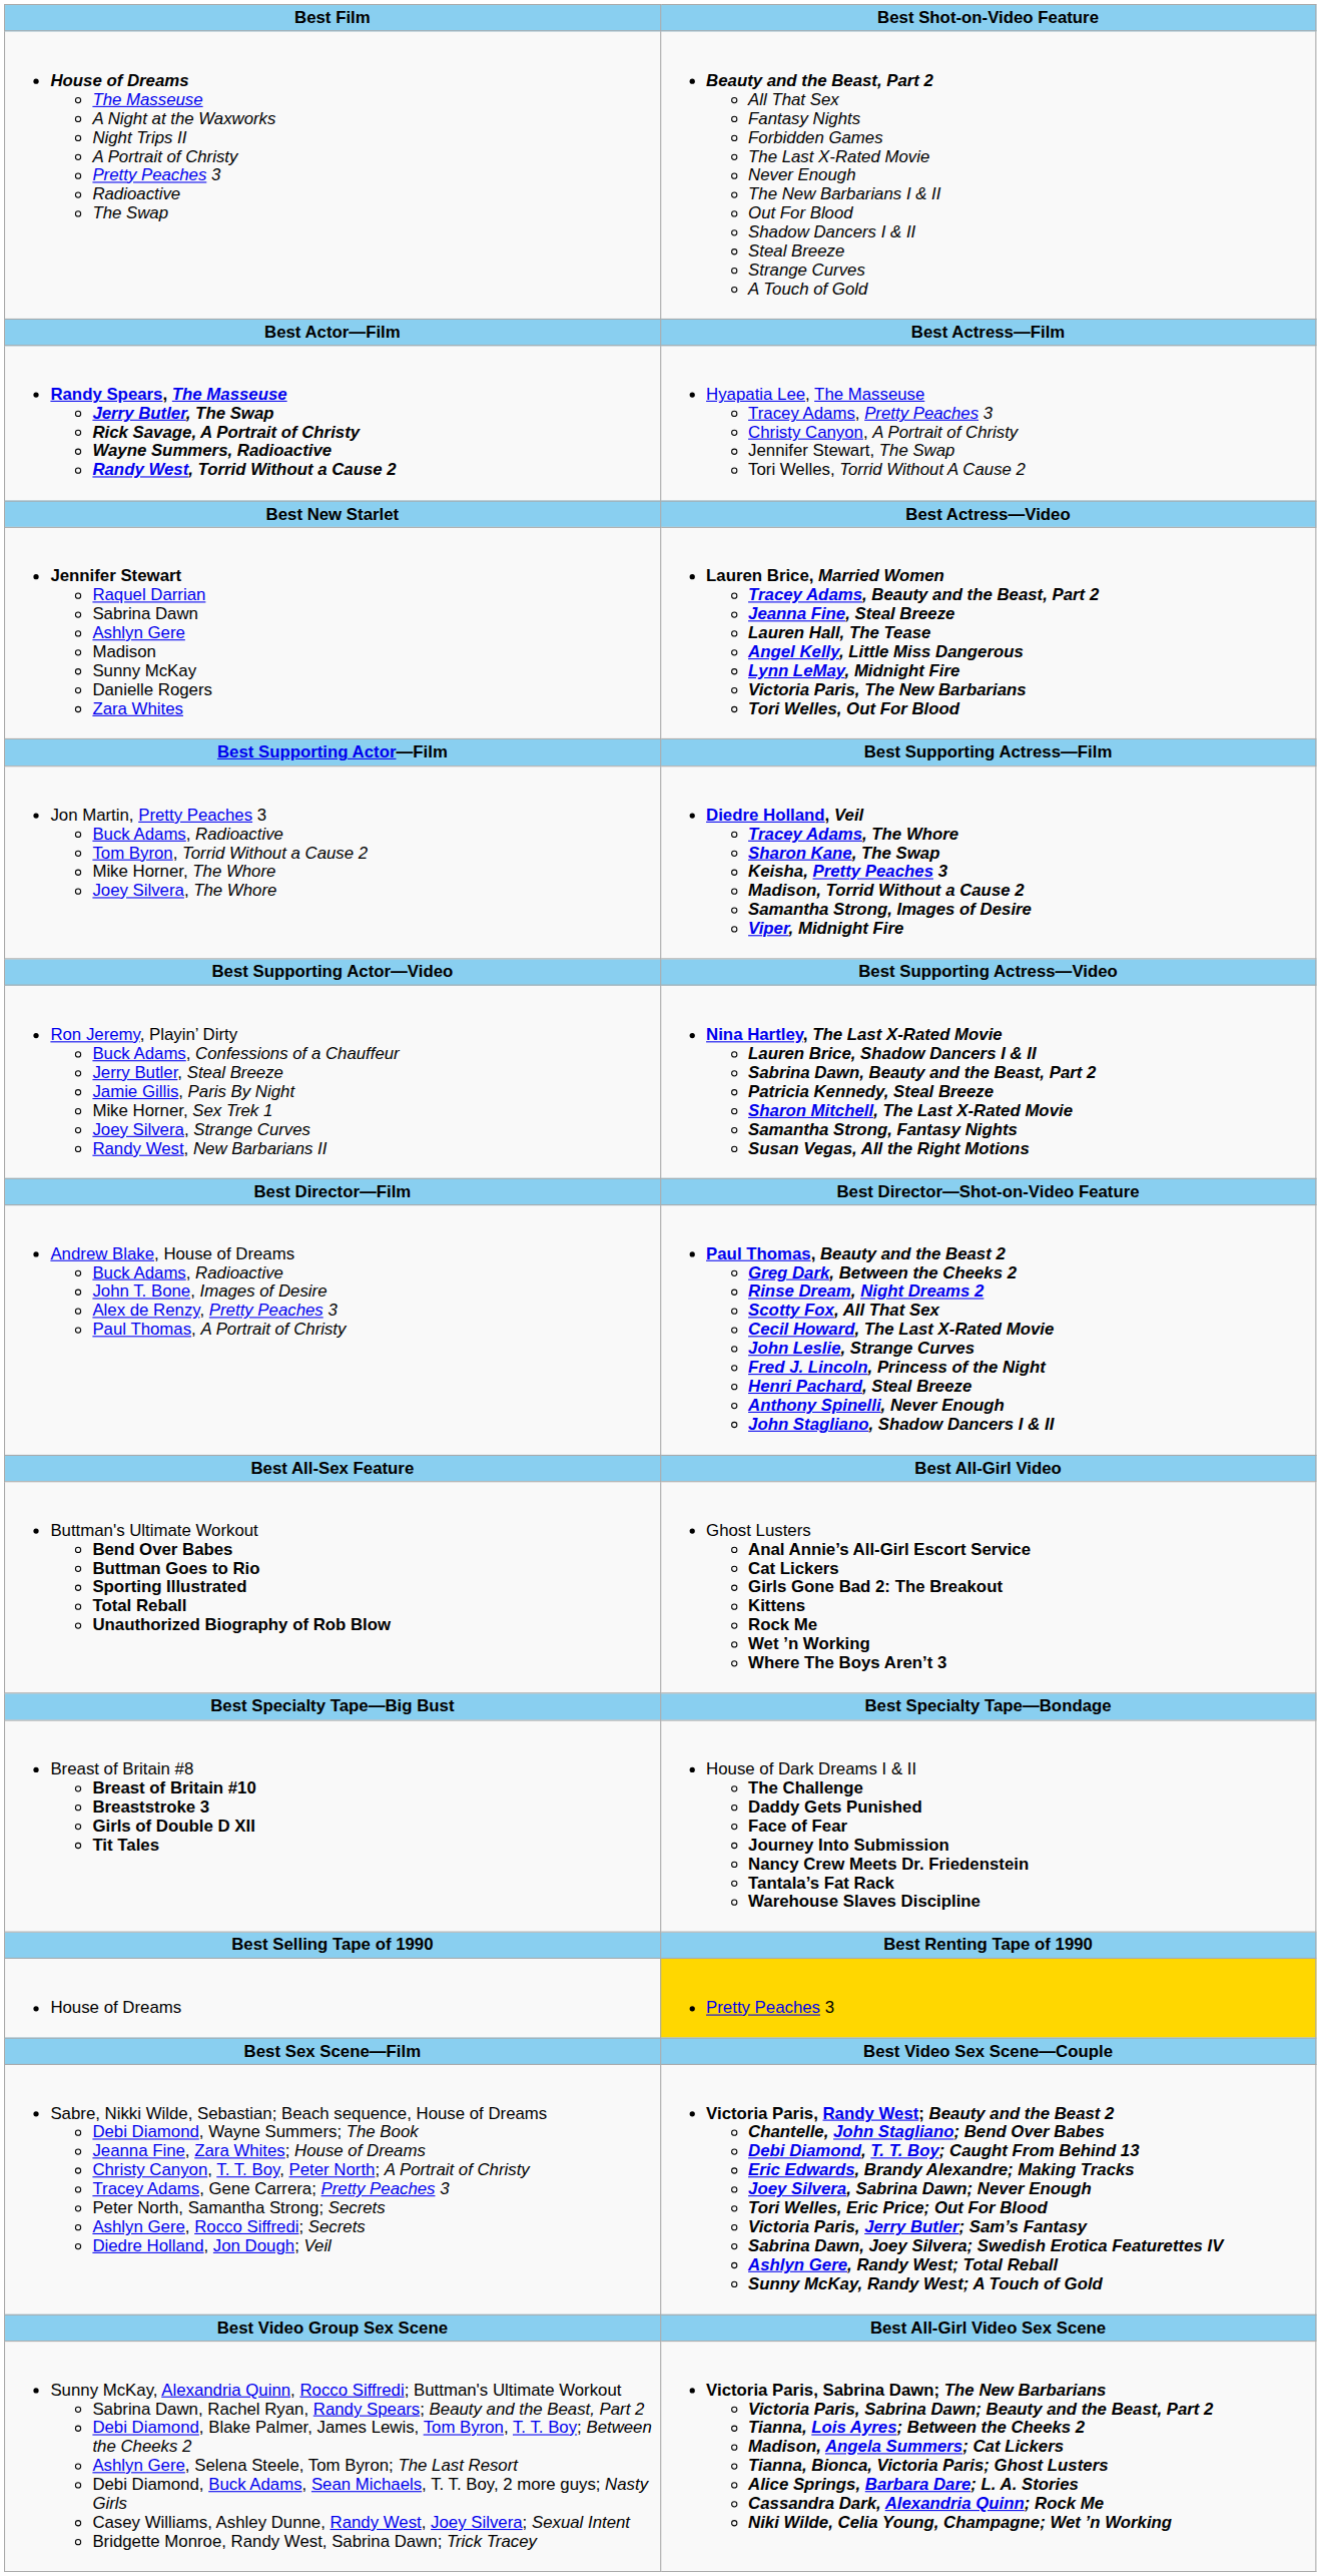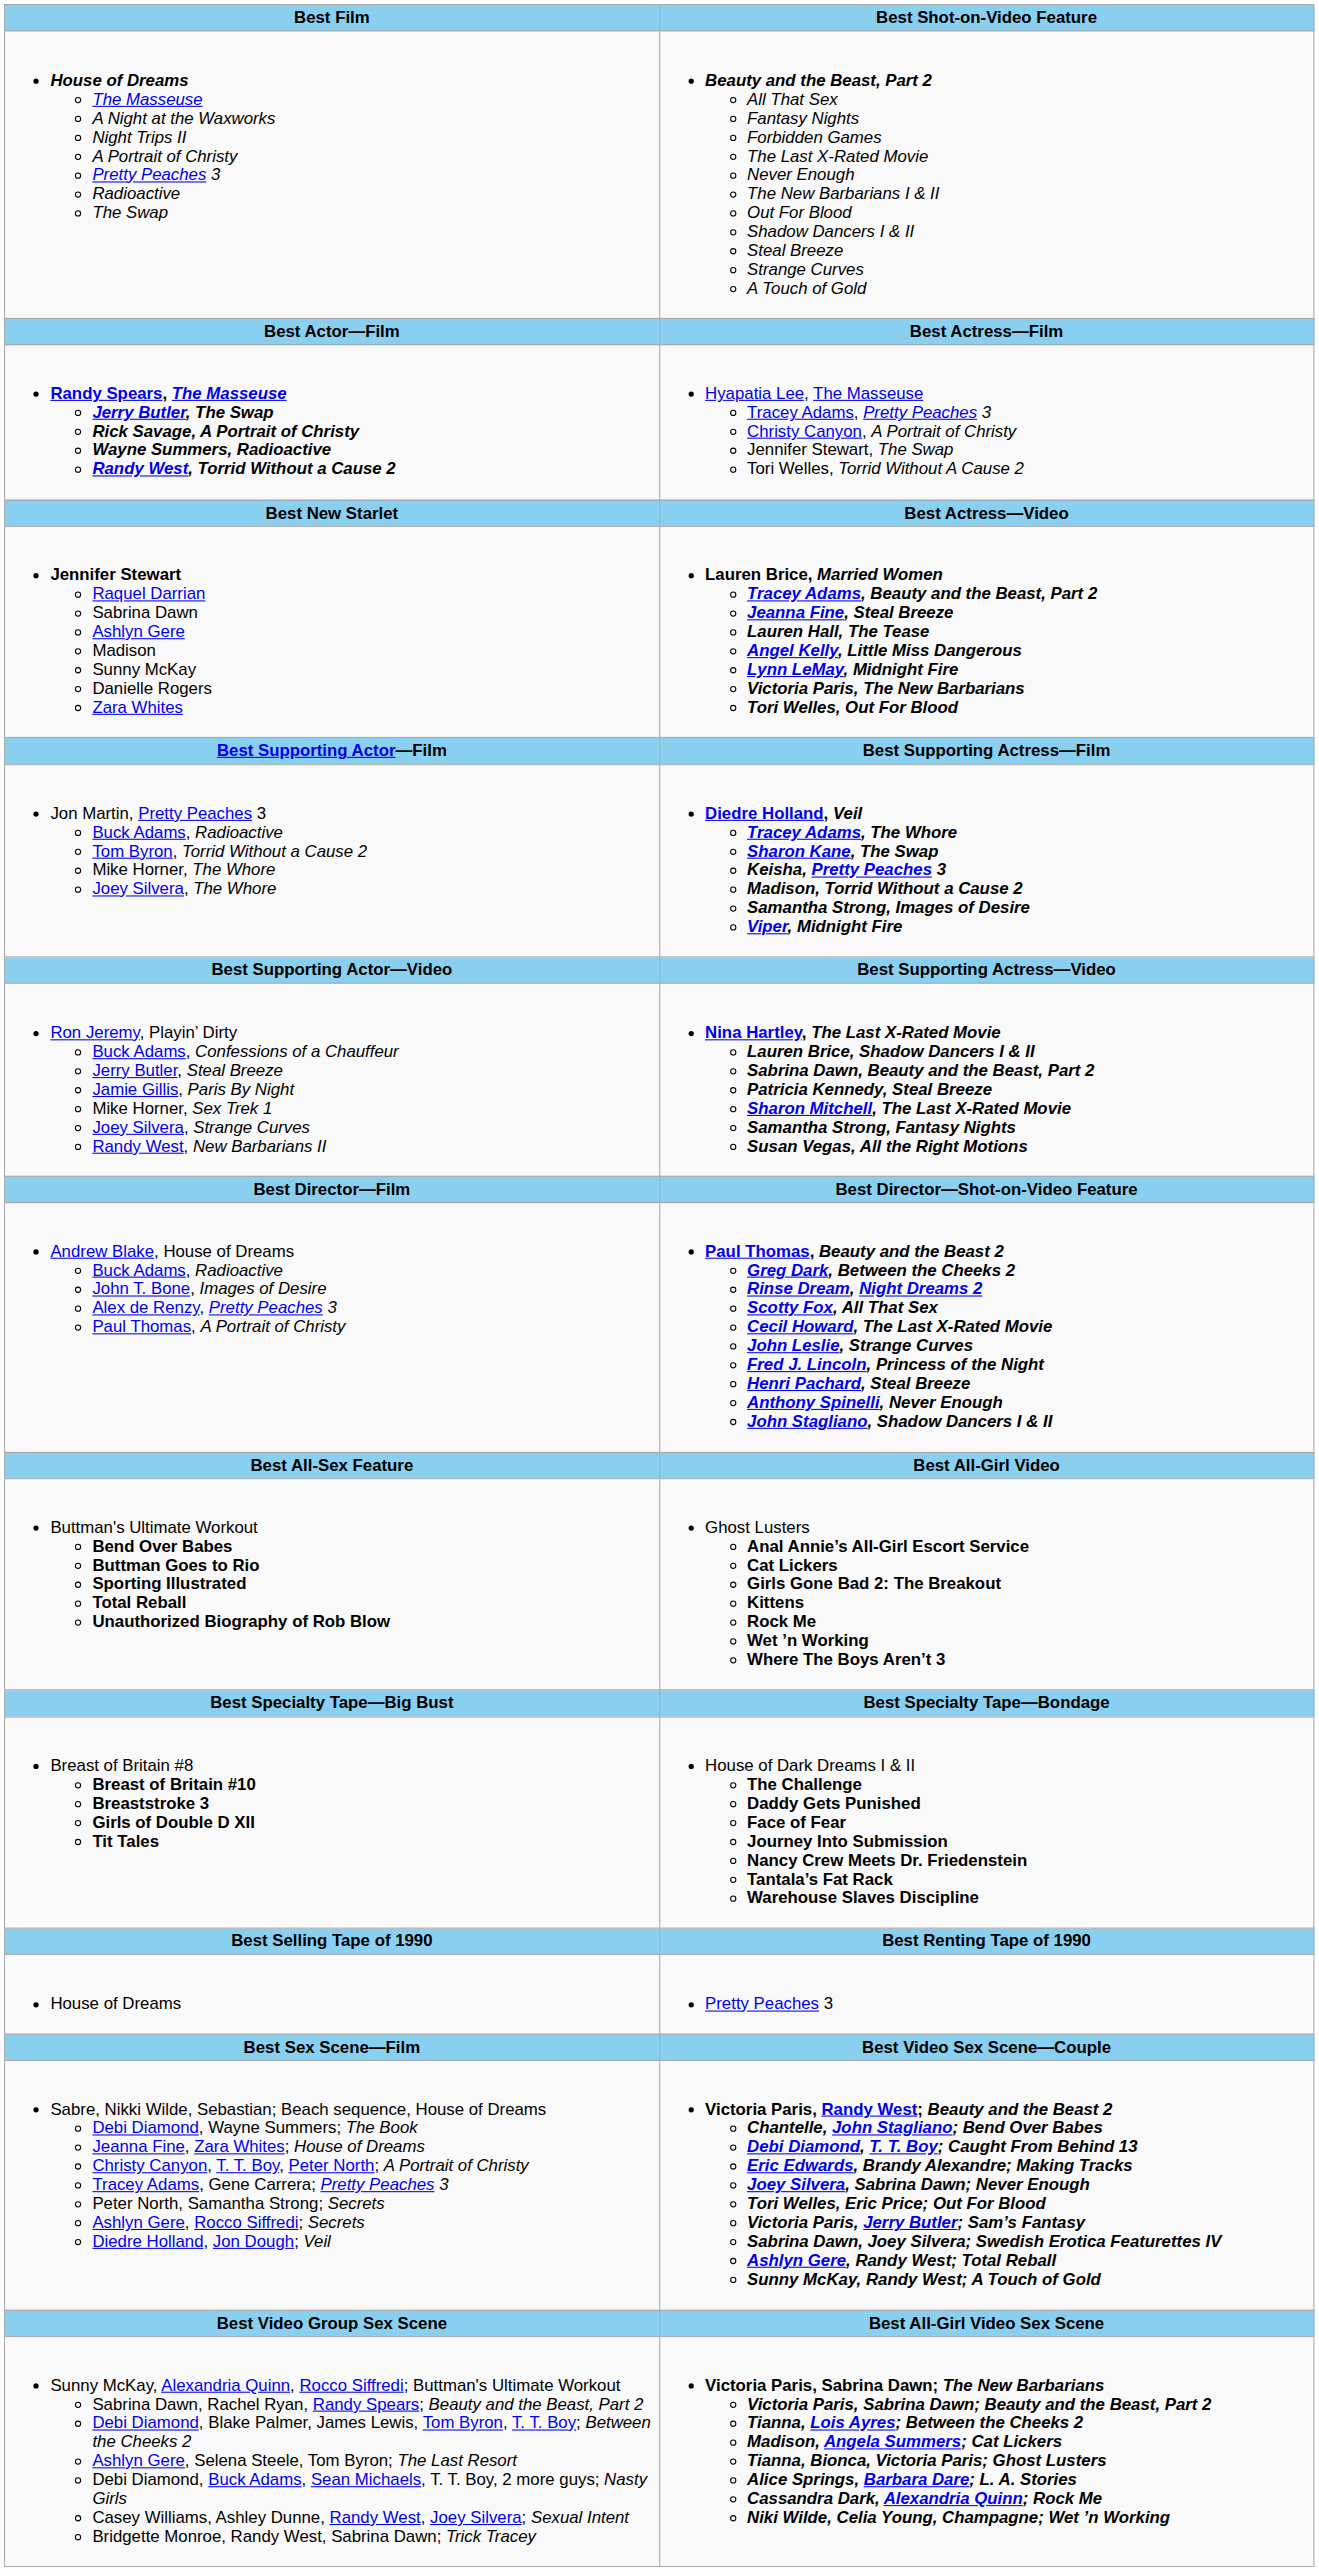 <table class=wikitable>
 <tr>
 <th style="background:#89cff0" width="50%">Best Film</th>
 <th style="background:#89cff0" width="50%">Best Shot-on-Video Feature</th>
 </tr>
 <tr>
 <td valign="top"><br><ul><li><strong><em>House of Dreams</em></strong><ul><li><em><a href='#'>The Masseuse</a></em></li><li><em>A Night at the Waxworks</em></li><li><em>Night Trips II</em></li><li><em>A Portrait of Christy</em></li><li><em><a href='#'>Pretty Peaches</a> 3</em></li><li><em>Radioactive</em></li><li><em>The Swap</em></li></ul></li></ul></td>
 <td valign="top"><br><ul><li><strong><em>Beauty and the Beast, Part 2</em></strong><ul><li><em>All That Sex</em></li><li><em>Fantasy Nights</em></li><li><em>Forbidden Games</em></li><li><em>The Last X-Rated Movie</em></li><li><em>Never Enough</em></li><li><em>The New Barbarians I & II</em></li><li><em>Out For Blood</em></li><li><em>Shadow Dancers I & II</em></li><li><em>Steal Breeze</em></li><li><em>Strange Curves</em></li><li><em>A Touch of Gold</em></li></ul></li></ul></td>
 </tr>
 <tr>
 <th style="background:#89cff0" width="50%">Best Actor—Film</th>
 <th style="background:#89cff0" width="50%">Best Actress—Film</th>
 </tr>
 <tr>
 <td valign="top"><br><ul><li><strong><a href='#'>Randy Spears</a>, <em><a href='#'>The Masseuse</a><strong><em><ul><li><a href='#'>Jerry Butler</a>, </em>The Swap<em></li><li>Rick Savage, </em>A Portrait of Christy<em></li><li>Wayne Summers, </em>Radioactive<em></li><li><a href='#'>Randy West</a>, </em>Torrid Without a Cause 2<em></li></ul></li></ul></td>
 <td valign="top"><br><ul><li></strong><a href='#'>Hyapatia Lee</a>, </em><a href='#'>The Masseuse</a></em></strong><ul><li><a href='#'>Tracey Adams</a>, <em><a href='#'>Pretty Peaches</a> 3</em></li><li><a href='#'>Christy Canyon</a>, <em>A Portrait of Christy</em></li><li>Jennifer Stewart, <em>The Swap</em></li><li>Tori Welles, <em>Torrid Without A Cause 2</em></li></ul></li></ul></td>
 </tr>
 <tr>
 <th style="background:#89cff0" width="50%">Best New Starlet</th>
 <th style="background:#89cff0" width="50%">Best Actress—Video</th>
 </tr>
 <tr>
 <td valign="top"><br><ul><li><strong>Jennifer Stewart</strong><ul><li><a href='#'>Raquel Darrian</a></li><li>Sabrina Dawn</li><li><a href='#'>Ashlyn Gere</a></li><li>Madison</li><li>Sunny McKay</li><li>Danielle Rogers</li><li><a href='#'>Zara Whites</a></li></ul></li></ul></td>
 <td valign="top"><br><ul><li><strong>Lauren Brice, <em>Married Women<strong><em><ul><li><a href='#'>Tracey Adams</a>, </em>Beauty and the Beast, Part 2<em></li><li><a href='#'>Jeanna Fine</a>, </em>Steal Breeze<em></li><li>Lauren Hall, </em>The Tease<em></li><li><a href='#'>Angel Kelly</a>, </em>Little Miss Dangerous<em></li><li><a href='#'>Lynn LeMay</a>, </em>Midnight Fire<em></li><li>Victoria Paris, </em>The New Barbarians<em></li><li>Tori Welles, </em>Out For Blood<em></li></ul></li></ul></td>
 </tr>
 <tr>
 <th style="background:#89cff0" width="50%"><a href='#'>Best Supporting Actor</a>—Film</th>
 <th style="background:#89cff0" width="50%">Best Supporting Actress—Film</th>
 </tr>
 <tr>
 <td valign="top"><br><ul><li></strong>Jon Martin, </em><a href='#'>Pretty Peaches</a> 3</em></strong><ul><li><a href='#'>Buck Adams</a>, <em>Radioactive</em></li><li><a href='#'>Tom Byron</a>, <em>Torrid Without a Cause 2</em></li><li>Mike Horner, <em>The Whore</em></li><li><a href='#'>Joey Silvera</a>, <em>The Whore</em></li></ul></li></ul></td>
 <td valign="top"><br><ul><li><strong><a href='#'>Diedre Holland</a>, <em>Veil<strong><em><ul><li><a href='#'>Tracey Adams</a>, </em>The Whore<em></li><li><a href='#'>Sharon Kane</a>, </em>The Swap<em></li><li>Keisha, </em><a href='#'>Pretty Peaches</a> 3<em></li><li>Madison, </em>Torrid Without a Cause 2<em></li><li>Samantha Strong, </em>Images of Desire<em></li><li><a href='#'>Viper</a>, </em>Midnight Fire<em></li></ul></li></ul></td>
 </tr>
 <tr>
 <th style="background:#89cff0" width="50%">Best Supporting Actor—Video</th>
 <th style="background:#89cff0" width="50%">Best Supporting Actress—Video</th>
 </tr>
 <tr>
 <td valign="top"><br><ul><li></strong><a href='#'>Ron Jeremy</a>, </em>Playin’ Dirty</em></strong><ul><li><a href='#'>Buck Adams</a>, <em>Confessions of a Chauffeur</em></li><li><a href='#'>Jerry Butler</a>, <em>Steal Breeze</em></li><li><a href='#'>Jamie Gillis</a>, <em>Paris By Night</em></li><li>Mike Horner, <em>Sex Trek 1</em></li><li><a href='#'>Joey Silvera</a>, <em>Strange Curves</em></li><li><a href='#'>Randy West</a>, <em>New Barbarians II</em></li></ul></li></ul></td>
 <td valign="top"><br><ul><li><strong><a href='#'>Nina Hartley</a>, <em>The Last X-Rated Movie<strong><em><ul><li>Lauren Brice, </em>Shadow Dancers I & II<em></li><li>Sabrina Dawn, </em>Beauty and the Beast, Part 2<em></li><li>Patricia Kennedy, </em>Steal Breeze<em></li><li><a href='#'>Sharon Mitchell</a>, </em>The Last X-Rated Movie<em></li><li>Samantha Strong, </em>Fantasy Nights<em></li><li>Susan Vegas, </em>All the Right Motions<em></li></ul></li></ul></td>
 </tr>
 <tr>
 <th style="background:#89cff0" width="50%">Best Director—Film</th>
 <th style="background:#89cff0" width="50%">Best Director—Shot-on-Video Feature</th>
 </tr>
 <tr>
 <td valign="top"><br><ul><li></strong><a href='#'>Andrew Blake</a>, </em>House of Dreams</em></strong><ul><li><a href='#'>Buck Adams</a>, <em>Radioactive</em></li><li><a href='#'>John T. Bone</a>, <em>Images of Desire</em></li><li><a href='#'>Alex de Renzy</a>, <em><a href='#'>Pretty Peaches</a> 3</em></li><li><a href='#'>Paul Thomas</a>, <em>A Portrait of Christy</em></li></ul></li></ul></td>
 <td valign="top"><br><ul><li><strong><a href='#'>Paul Thomas</a>, <em>Beauty and the Beast 2<strong><em><ul><li><a href='#'>Greg Dark</a>, </em>Between the Cheeks 2<em></li><li><a href='#'>Rinse Dream</a>, </em><a href='#'>Night Dreams 2</a><em></li><li><a href='#'>Scotty Fox</a>, </em>All That Sex<em></li><li><a href='#'>Cecil Howard</a>, </em>The Last X-Rated Movie<em></li><li><a href='#'>John Leslie</a>, </em>Strange Curves<em></li><li><a href='#'>Fred J. Lincoln</a>, </em>Princess of the Night<em></li><li><a href='#'>Henri Pachard</a>, </em>Steal Breeze<em></li><li><a href='#'>Anthony Spinelli</a>, </em>Never Enough<em></li><li><a href='#'>John Stagliano</a>, </em>Shadow Dancers I & II<em></li></ul></li></ul></td>
 </tr>
 <tr>
 <th style="background:#89cff0" width="50%">Best All-Sex Feature</th>
 <th style="background:#89cff0" width="50%">Best All-Girl Video</th>
 </tr>
 <tr>
 <td valign="top"><br><ul><li></em></strong>Buttman's Ultimate Workout<strong><em><ul><li></em>Bend Over Babes<em></li><li></em>Buttman Goes to Rio<em></li><li></em>Sporting Illustrated<em></li><li></em>Total Reball<em></li><li></em>Unauthorized Biography of Rob Blow<em></li></ul></li></ul></td>
 <td valign="top"><br><ul><li></em></strong>Ghost Lusters<strong><em><ul><li></em>Anal Annie’s All-Girl Escort Service<em></li><li></em>Cat Lickers<em></li><li></em>Girls Gone Bad 2: The Breakout<em></li><li></em>Kittens<em></li><li></em>Rock Me<em></li><li></em>Wet ’n Working<em></li><li></em>Where The Boys Aren’t 3<em></li></ul></li></ul></td>
 </tr>
 <tr>
 <th style="background:#89cff0" width="50%">Best Specialty Tape—Big Bust</th>
 <th style="background:#89cff0" width="50%">Best Specialty Tape—Bondage</th>
 </tr>
 <tr>
 <td valign="top"><br><ul><li></em></strong>Breast of Britain #8<strong><em><ul><li></em>Breast of Britain #10<em></li><li></em>Breaststroke 3<em></li><li></em>Girls of Double D XII<em></li><li></em>Tit Tales<em></li></ul></li></ul></td>
 <td valign="top"><br><ul><li></em></strong>House of Dark Dreams I & II<strong><em><ul><li></em>The Challenge<em></li><li></em>Daddy Gets Punished<em></li><li></em>Face of Fear<em></li><li></em>Journey Into Submission<em></li><li></em>Nancy Crew Meets Dr. Friedenstein<em></li><li></em>Tantala’s Fat Rack<em></li><li></em>Warehouse Slaves Discipline<em></li></ul></li></ul></td>
 </tr>
 <tr>
 <th style="background:#89cff0" width="50%">Best Selling Tape of 1990</th>
 <th style="background:#89cff0" width="50%">Best Renting Tape of 1990</th>
 </tr>
 <tr>
 <td valign="top"><br><ul><li></em></strong>House of Dreams<strong><em></li></ul></td>
-<td valign="top" style="background: gold;"><br><ul><li></em></strong><a href='#'>Pretty Peaches</a> 3<strong><em></li></ul></td>
+<td valign="top"><br><ul><li></em></strong><a href='#'>Pretty Peaches</a> 3<strong><em></li></ul></td>
 </tr>
 <tr>
 <th style="background:#89cff0" width="50%">Best Sex Scene—Film</th>
 <th style="background:#89cff0" width="50%">Best Video Sex Scene—Couple</th>
 </tr>
 <tr>
 <td valign="top"><br><ul><li></strong>Sabre, Nikki Wilde, Sebastian; Beach sequence, </em>House of Dreams</em></strong><ul><li><a href='#'>Debi Diamond</a>, Wayne Summers; <em>The Book</em></li><li><a href='#'>Jeanna Fine</a>, <a href='#'>Zara Whites</a>; <em>House of Dreams</em></li><li><a href='#'>Christy Canyon</a>, <a href='#'>T. T. Boy</a>, <a href='#'>Peter North</a>; <em>A Portrait of Christy</em></li><li><a href='#'>Tracey Adams</a>, Gene Carrera; <em><a href='#'>Pretty Peaches</a> 3</em></li><li>Peter North, Samantha Strong; <em>Secrets</em></li><li><a href='#'>Ashlyn Gere</a>, <a href='#'>Rocco Siffredi</a>; <em>Secrets</em></li><li><a href='#'>Diedre Holland</a>, <a href='#'>Jon Dough</a>; <em>Veil</em></li></ul></li></ul></td>
 <td valign="top"><br><ul><li><strong>Victoria Paris, <a href='#'>Randy West</a>; <em>Beauty and the Beast 2<strong><em><ul><li>Chantelle, <a href='#'>John Stagliano</a>; </em>Bend Over Babes<em></li><li><a href='#'>Debi Diamond</a>, <a href='#'>T. T. Boy</a>; </em>Caught From Behind 13<em></li><li><a href='#'>Eric Edwards</a>, Brandy Alexandre; </em>Making Tracks<em></li><li><a href='#'>Joey Silvera</a>, Sabrina Dawn; </em>Never Enough<em></li><li>Tori Welles, Eric Price; </em>Out For Blood<em></li><li>Victoria Paris, <a href='#'>Jerry Butler</a>; </em>Sam’s Fantasy<em></li><li>Sabrina Dawn, Joey Silvera; </em>Swedish Erotica Featurettes IV<em></li><li><a href='#'>Ashlyn Gere</a>, Randy West; </em>Total Reball<em></li><li>Sunny McKay, Randy West; </em>A Touch of Gold<em></li></ul></li></ul></td>
 </tr>
 <tr>
 <th style="background:#89cff0" width="50%">Best Video Group Sex Scene</th>
 <th style="background:#89cff0" width="50%">Best All-Girl Video Sex Scene</th>
 </tr>
 <tr>
 <td valign="top"><br><ul><li></strong>Sunny McKay, <a href='#'>Alexandria Quinn</a>, <a href='#'>Rocco Siffredi</a>; </em>Buttman's Ultimate Workout</em></strong><ul><li>Sabrina Dawn, Rachel Ryan, <a href='#'>Randy Spears</a>; <em>Beauty and the Beast, Part 2</em></li><li><a href='#'>Debi Diamond</a>, Blake Palmer, James Lewis, <a href='#'>Tom Byron</a>, <a href='#'>T. T. Boy</a>; <em>Between the Cheeks 2</em></li><li><a href='#'>Ashlyn Gere</a>, Selena Steele, Tom Byron; <em>The Last Resort</em></li><li>Debi Diamond, <a href='#'>Buck Adams</a>, <a href='#'>Sean Michaels</a>, T. T. Boy, 2 more guys; <em>Nasty Girls</em></li><li>Casey Williams, Ashley Dunne, <a href='#'>Randy West</a>, <a href='#'>Joey Silvera</a>; <em>Sexual Intent</em></li><li>Bridgette Monroe, Randy West, Sabrina Dawn; <em>Trick Tracey</em></li></ul></li></ul></td>
 <td valign="top"><br><ul><li><strong>Victoria Paris, Sabrina Dawn; <em>The New Barbarians<strong><em><ul><li>Victoria Paris, Sabrina Dawn; </em>Beauty and the Beast, Part 2<em></li><li>Tianna, <a href='#'>Lois Ayres</a>; </em>Between the Cheeks 2<em></li><li>Madison, <a href='#'>Angela Summers</a>; </em>Cat Lickers<em></li><li>Tianna, Bionca, Victoria Paris; </em>Ghost Lusters<em></li><li>Alice Springs, <a href='#'>Barbara Dare</a>; </em>L. A. Stories<em></li><li>Cassandra Dark, <a href='#'>Alexandria Quinn</a>; </em>Rock Me<em></li><li>Niki Wilde, Celia Young, Champagne; </em>Wet ’n Working<em></li></ul></li></ul></td>
 </tr>
 </table>
